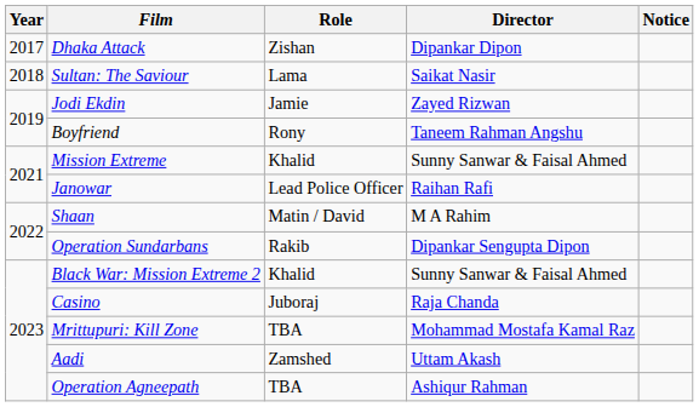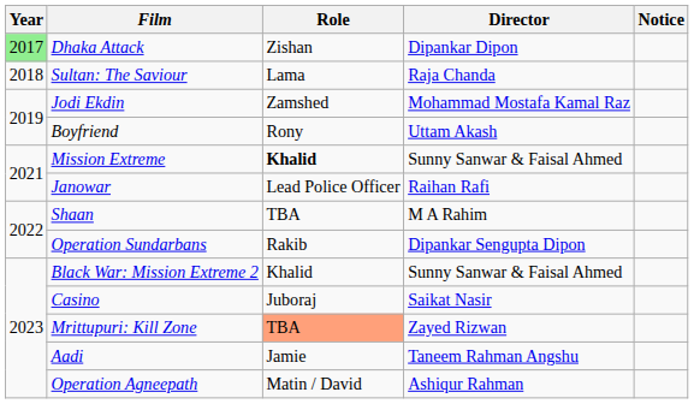 <table class="wikitable" style="font-size: 95%;">
 <tr>
 <th>Year</th>
 <th><em>Film</em></th>
 <th>Role</th>
 <th>Director</th>
 <th>Notice</th>
 </tr>
 <tr>
-<td rowspan="1">2017</td>
+<td rowspan="1" style="background: lightgreen;">2017</td>
 <td><em><a href='#'>Dhaka Attack</a></em></td>
 <td>Zishan</td>
 <td><a href='#'>Dipankar Dipon</a></td>
 <td></td>
 </tr>
 <tr>
 <td rowspan="1">2018</td>
 <td><em><a href='#'>Sultan: The Saviour</a></em></td>
 <td>Lama</td>
-<td><a href='#'>Saikat Nasir</a></td>
+<td><a href='#'>Raja Chanda</a></td>
 <td></td>
 </tr>
 <tr>
 <td rowspan="2">2019</td>
 <td><em><a href='#'>Jodi Ekdin</a></em></td>
-<td>Jamie</td>
-<td><a href='#'>Zayed Rizwan</a></td>
+<td>Zamshed</td>
+<td><a href='#'>Mohammad Mostafa Kamal Raz</a></td>
 <td></td>
 </tr>
 <tr>
 <td><em>Boyfriend</em></td>
 <td>Rony</td>
-<td><a href='#'>Taneem Rahman Angshu</a></td>
+<td><a href='#'>Uttam Akash</a></td>
 <td></td>
 </tr>
 <tr>
 <td rowspan="2">2021</td>
 <td><em><a href='#'>Mission Extreme</a></em></td>
-<td>Khalid</td>
+<td><strong>Khalid</strong></td>
 <td>Sunny Sanwar & Faisal Ahmed</td>
 <td></td>
 </tr>
 <tr>
 <td><em><a href='#'>Janowar</a></em></td>
 <td>Lead Police Officer</td>
 <td><a href='#'>Raihan Rafi</a></td>
 <td></td>
 </tr>
 <tr>
 <td rowspan="2">2022</td>
 <td><a href='#'><em>Shaan</em></a></td>
-<td>Matin / David</td>
+<td>TBA</td>
 <td>M A Rahim</td>
 <td></td>
 </tr>
 <tr>
 <td><em><a href='#'>Operation Sundarbans</a></em></td>
 <td>Rakib</td>
 <td><a href='#'>Dipankar Sengupta Dipon</a></td>
 <td></td>
 </tr>
 <tr>
 <td rowspan="5">2023</td>
 <td><em><a href='#'>Black War: Mission Extreme 2</a></em></td>
 <td>Khalid</td>
 <td>Sunny Sanwar & Faisal Ahmed</td>
 <td></td>
 </tr>
 <tr>
 <td><em><a href='#'>Casino</a></em></td>
 <td>Juboraj</td>
-<td><a href='#'>Raja Chanda</a></td>
+<td><a href='#'>Saikat Nasir</a></td>
 <td></td>
 </tr>
 <tr>
 <td><em><a href='#'>Mrittupuri: Kill Zone</a></em></td>
-<td>TBA</td>
-<td><a href='#'>Mohammad Mostafa Kamal Raz</a></td>
+<td style="background: lightsalmon;">TBA</td>
+<td><a href='#'>Zayed Rizwan</a></td>
 <td></td>
 </tr>
 <tr>
 <td><em><a href='#'>Aadi</a></em></td>
-<td>Zamshed</td>
-<td><a href='#'>Uttam Akash</a></td>
+<td>Jamie</td>
+<td><a href='#'>Taneem Rahman Angshu</a></td>
 <td></td>
 </tr>
 <tr>
 <td><em><a href='#'>Operation Agneepath</a></em></td>
-<td>TBA</td>
+<td>Matin / David</td>
 <td><a href='#'>Ashiqur Rahman</a></td>
 <td></td>
 </tr>
 </table>
